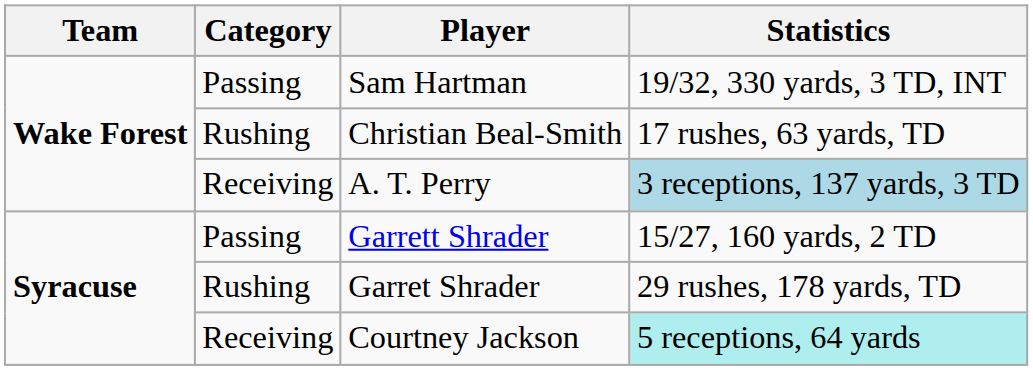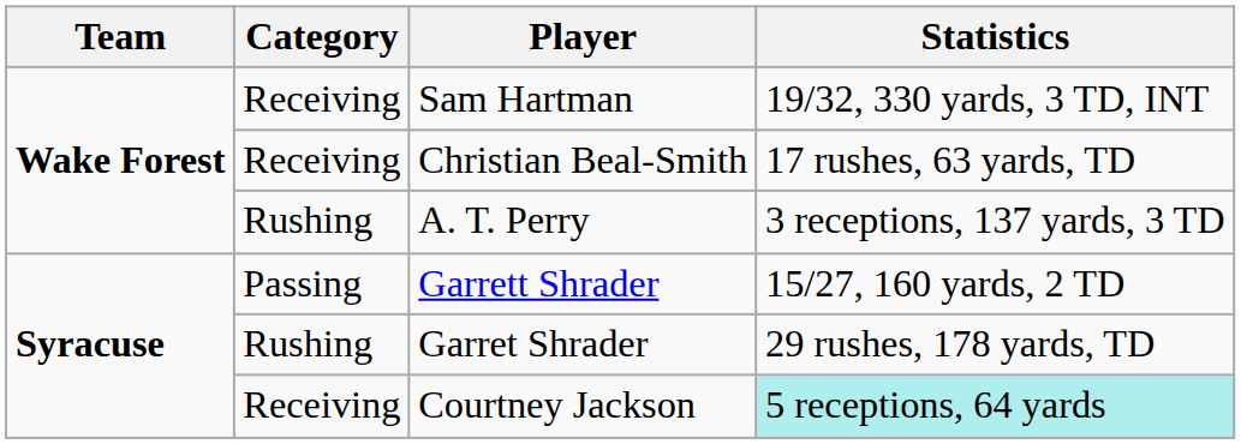 <table class="wikitable" style="float: right;">
 <tr>
 <th>Team</th>
 <th>Category</th>
 <th>Player</th>
 <th>Statistics</th>
 </tr>
 <tr>
 <td rowspan=3><strong>Wake Forest</strong></td>
-<td>Passing</td>
+<td>Receiving</td>
 <td>Sam Hartman</td>
 <td>19/32, 330 yards, 3 TD, INT</td>
 </tr>
 <tr>
-<td>Rushing</td>
+<td>Receiving</td>
 <td>Christian Beal-Smith</td>
 <td>17 rushes, 63 yards, TD</td>
 </tr>
 <tr>
-<td>Receiving</td>
+<td>Rushing</td>
 <td>A. T. Perry</td>
-<td style="background: lightblue;">3 receptions, 137 yards, 3 TD</td>
+<td>3 receptions, 137 yards, 3 TD</td>
 </tr>
 <tr>
 <td rowspan=3><strong>Syracuse</strong></td>
 <td>Passing</td>
 <td><a href='#'>Garrett Shrader</a></td>
 <td>15/27, 160 yards, 2 TD</td>
 </tr>
 <tr>
 <td>Rushing</td>
 <td>Garret Shrader</td>
 <td>29 rushes, 178 yards, TD</td>
 </tr>
 <tr>
 <td>Receiving</td>
 <td>Courtney Jackson</td>
 <td style="background: paleturquoise;">5 receptions, 64 yards</td>
 </tr>
 </table>
